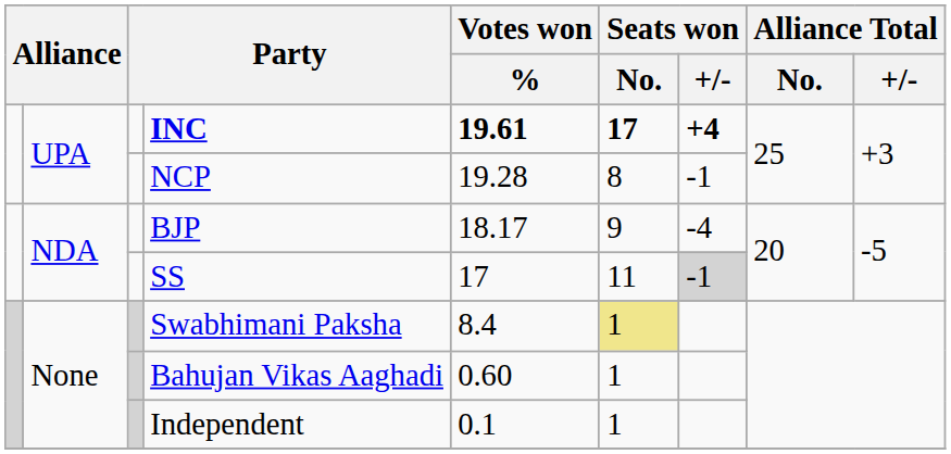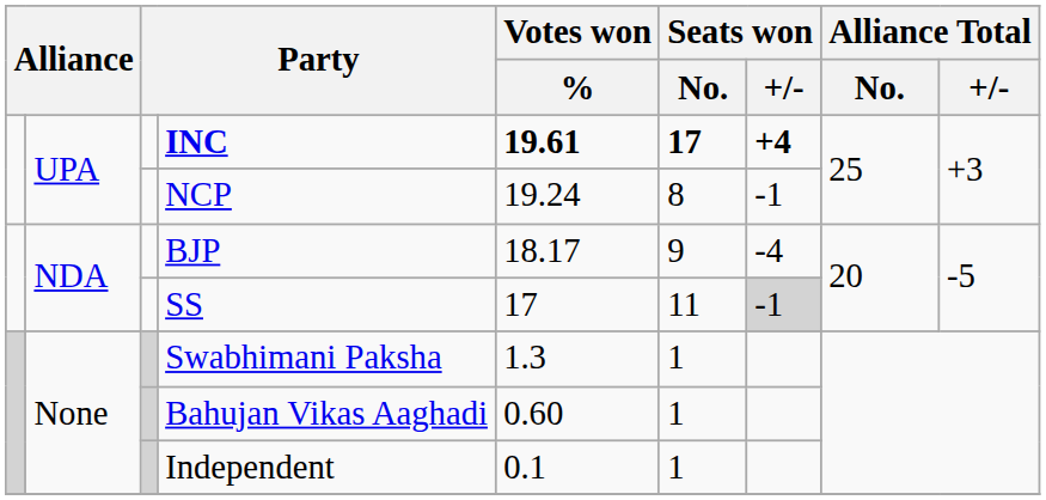 <table class="wikitable sortable">
 <tr>
 <th colspan="2" rowspan="2">Alliance</th>
 <th colspan="2" rowspan="2">Party</th>
 <th colspan="1">Votes won</th>
 <th colspan="2">Seats won</th>
 <th colspan="2">Alliance Total</th>
 </tr>
 <tr>
 <th>%</th>
 <th>No.</th>
 <th>+/-</th>
 <th>No.</th>
 <th>+/-</th>
 </tr>
 <tr>
 <td rowspan="2" style="background-color: "></td>
 <td rowspan="2"><a href='#'>UPA</a></td>
 <td style="background-color: "></td>
 <td><a href='#'><strong>INC</strong></a></td>
 <td><strong>19.61</strong></td>
 <td><strong>17</strong></td>
 <td><strong>+4</strong></td>
 <td rowspan="2">25</td>
 <td rowspan="2">+3</td>
 </tr>
 <tr>
 <td style="background-color: "></td>
 <td><a href='#'>NCP</a></td>
-<td>19.28</td>
+<td>19.24</td>
 <td>8</td>
 <td>-1</td>
 </tr>
 <tr>
 <td rowspan="2" style="background-color: "></td>
 <td rowspan="2"><a href='#'>NDA</a></td>
 <td style="background-color:"></td>
 <td><a href='#'>BJP</a></td>
 <td>18.17</td>
 <td>9</td>
 <td>-4</td>
 <td rowspan="2">20</td>
 <td rowspan="2">-5</td>
 </tr>
 <tr>
 <td style="background-color: "></td>
 <td><a href='#'>SS</a></td>
 <td>17</td>
 <td>11</td>
 <td style="background: lightgrey;">-1</td>
 </tr>
 <tr>
 <td rowspan="3" style="background-color: LightGray"></td>
 <td rowspan="3">None</td>
 <td style="background-color: LightGray"></td>
 <td><a href='#'>Swabhimani Paksha</a></td>
-<td>8.4</td>
-<td style="background: khaki;">1</td>
+<td>1.3</td>
+<td>1</td>
 <td></td>
 <td colspan="2" rowspan="3"></td>
 </tr>
 <tr>
 <td style="background-color: LightGray"></td>
 <td><a href='#'>Bahujan Vikas Aaghadi</a></td>
 <td>0.60</td>
 <td>1</td>
 <td></td>
 </tr>
 <tr>
 <td style="background-color: LightGray"></td>
 <td>Independent</td>
 <td>0.1</td>
 <td>1</td>
 <td></td>
 </tr>
 <tr>
 </tr>
 </table>
